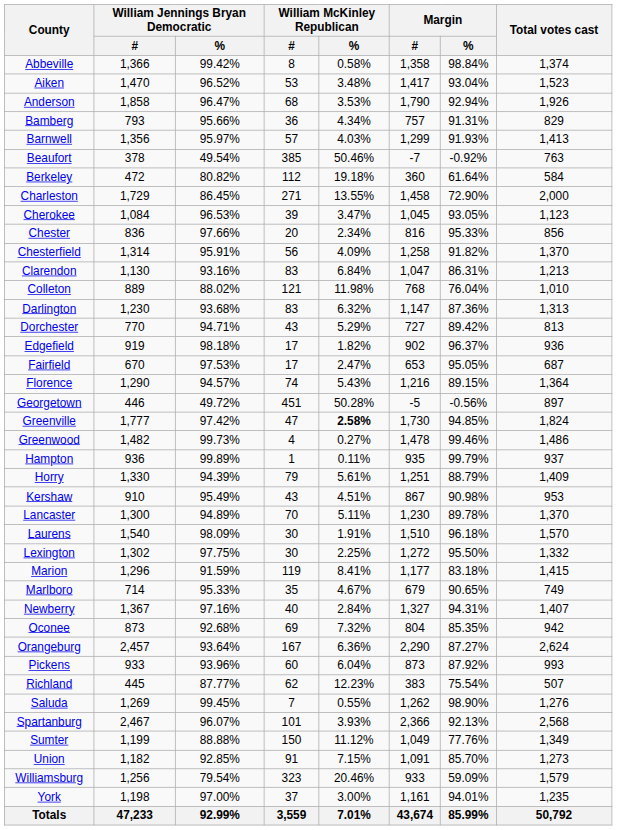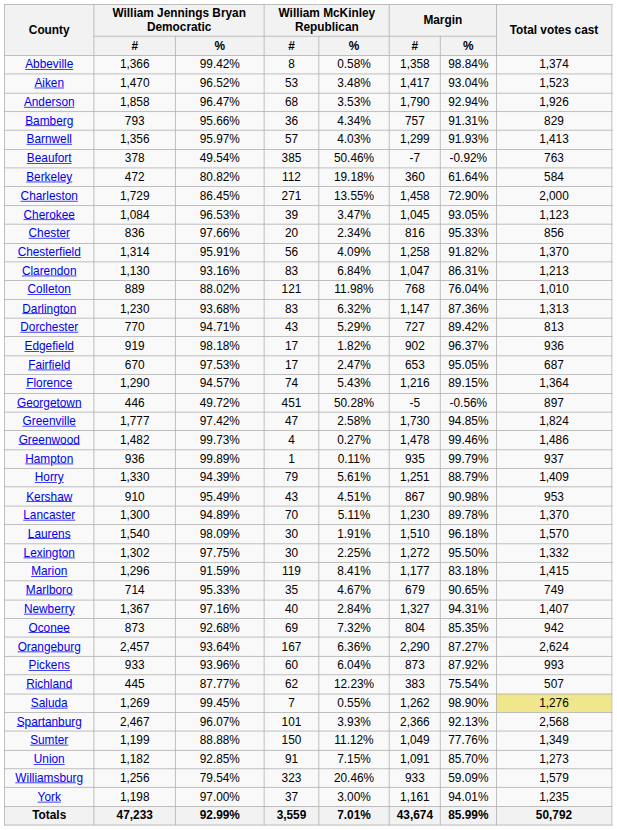 <table width="65%"  class="wikitable sortable" style="text-align:center">
 <tr>
 <th rowspan="2">County</th>
 <th style="text-align:center;" colspan="2">William Jennings Bryan<br>Democratic</th>
 <th style="text-align:center;" colspan="2">William McKinley<br>Republican</th>
 <th style="text-align:center;" colspan="2">Margin</th>
 <th style="text-align:center;" rowspan="2">Total votes cast</th>
 </tr>
 <tr>
 <th style="text-align:center;" data-sort-type="number">#</th>
 <th style="text-align:center;" data-sort-type="number">%</th>
 <th style="text-align:center;" data-sort-type="number">#</th>
 <th style="text-align:center;" data-sort-type="number">%</th>
 <th style="text-align:center;" data-sort-type="number">#</th>
 <th style="text-align:center;" data-sort-type="number">%</th>
 </tr>
 <tr style="text-align:center;">
 <td><a href='#'>Abbeville</a></td>
 <td>1,366</td>
 <td>99.42%</td>
 <td>8</td>
 <td>0.58%</td>
 <td>1,358</td>
 <td>98.84%</td>
 <td>1,374</td>
 </tr>
 <tr style="text-align:center;">
 <td><a href='#'>Aiken</a></td>
 <td>1,470</td>
 <td>96.52%</td>
 <td>53</td>
 <td>3.48%</td>
 <td>1,417</td>
 <td>93.04%</td>
 <td>1,523</td>
 </tr>
 <tr style="text-align:center;">
 <td><a href='#'>Anderson</a></td>
 <td>1,858</td>
 <td>96.47%</td>
 <td>68</td>
 <td>3.53%</td>
 <td>1,790</td>
 <td>92.94%</td>
 <td>1,926</td>
 </tr>
 <tr style="text-align:center;">
 <td><a href='#'>Bamberg</a></td>
 <td>793</td>
 <td>95.66%</td>
 <td>36</td>
 <td>4.34%</td>
 <td>757</td>
 <td>91.31%</td>
 <td>829</td>
 </tr>
 <tr style="text-align:center;">
 <td><a href='#'>Barnwell</a></td>
 <td>1,356</td>
 <td>95.97%</td>
 <td>57</td>
 <td>4.03%</td>
 <td>1,299</td>
 <td>91.93%</td>
 <td>1,413</td>
 </tr>
 <tr style="text-align:center;">
 <td><a href='#'>Beaufort</a></td>
 <td>378</td>
 <td>49.54%</td>
 <td>385</td>
 <td>50.46%</td>
 <td>-7</td>
 <td>-0.92%</td>
 <td>763</td>
 </tr>
 <tr style="text-align:center;">
 <td><a href='#'>Berkeley</a></td>
 <td>472</td>
 <td>80.82%</td>
 <td>112</td>
 <td>19.18%</td>
 <td>360</td>
 <td>61.64%</td>
 <td>584</td>
 </tr>
 <tr style="text-align:center;">
 <td><a href='#'>Charleston</a></td>
 <td>1,729</td>
 <td>86.45%</td>
 <td>271</td>
 <td>13.55%</td>
 <td>1,458</td>
 <td>72.90%</td>
 <td>2,000</td>
 </tr>
 <tr style="text-align:center;">
 <td><a href='#'>Cherokee</a></td>
 <td>1,084</td>
 <td>96.53%</td>
 <td>39</td>
 <td>3.47%</td>
 <td>1,045</td>
 <td>93.05%</td>
 <td>1,123</td>
 </tr>
 <tr style="text-align:center;">
 <td><a href='#'>Chester</a></td>
 <td>836</td>
 <td>97.66%</td>
 <td>20</td>
 <td>2.34%</td>
 <td>816</td>
 <td>95.33%</td>
 <td>856</td>
 </tr>
 <tr style="text-align:center;">
 <td><a href='#'>Chesterfield</a></td>
 <td>1,314</td>
 <td>95.91%</td>
 <td>56</td>
 <td>4.09%</td>
 <td>1,258</td>
 <td>91.82%</td>
 <td>1,370</td>
 </tr>
 <tr style="text-align:center;">
 <td><a href='#'>Clarendon</a></td>
 <td>1,130</td>
 <td>93.16%</td>
 <td>83</td>
 <td>6.84%</td>
 <td>1,047</td>
 <td>86.31%</td>
 <td>1,213</td>
 </tr>
 <tr style="text-align:center;">
 <td><a href='#'>Colleton</a></td>
 <td>889</td>
 <td>88.02%</td>
 <td>121</td>
 <td>11.98%</td>
 <td>768</td>
 <td>76.04%</td>
 <td>1,010</td>
 </tr>
 <tr style="text-align:center;">
 <td><a href='#'>Darlington</a></td>
 <td>1,230</td>
 <td>93.68%</td>
 <td>83</td>
 <td>6.32%</td>
 <td>1,147</td>
 <td>87.36%</td>
 <td>1,313</td>
 </tr>
 <tr style="text-align:center;">
 <td><a href='#'>Dorchester</a></td>
 <td>770</td>
 <td>94.71%</td>
 <td>43</td>
 <td>5.29%</td>
 <td>727</td>
 <td>89.42%</td>
 <td>813</td>
 </tr>
 <tr style="text-align:center;">
 <td><a href='#'>Edgefield</a></td>
 <td>919</td>
 <td>98.18%</td>
 <td>17</td>
 <td>1.82%</td>
 <td>902</td>
 <td>96.37%</td>
 <td>936</td>
 </tr>
 <tr style="text-align:center;">
 <td><a href='#'>Fairfield</a></td>
 <td>670</td>
 <td>97.53%</td>
 <td>17</td>
 <td>2.47%</td>
 <td>653</td>
 <td>95.05%</td>
 <td>687</td>
 </tr>
 <tr style="text-align:center;">
 <td><a href='#'>Florence</a></td>
 <td>1,290</td>
 <td>94.57%</td>
 <td>74</td>
 <td>5.43%</td>
 <td>1,216</td>
 <td>89.15%</td>
 <td>1,364</td>
 </tr>
 <tr style="text-align:center;">
 <td><a href='#'>Georgetown</a></td>
 <td>446</td>
 <td>49.72%</td>
 <td>451</td>
 <td>50.28%</td>
 <td>-5</td>
 <td>-0.56%</td>
 <td>897</td>
 </tr>
 <tr style="text-align:center;">
 <td><a href='#'>Greenville</a></td>
 <td>1,777</td>
 <td>97.42%</td>
 <td>47</td>
-<td><strong>2.58%</strong></td>
+<td>2.58%</td>
 <td>1,730</td>
 <td>94.85%</td>
 <td>1,824</td>
 </tr>
 <tr style="text-align:center;">
 <td><a href='#'>Greenwood</a></td>
 <td>1,482</td>
 <td>99.73%</td>
 <td>4</td>
 <td>0.27%</td>
 <td>1,478</td>
 <td>99.46%</td>
 <td>1,486</td>
 </tr>
 <tr style="text-align:center;">
 <td><a href='#'>Hampton</a></td>
 <td>936</td>
 <td>99.89%</td>
 <td>1</td>
 <td>0.11%</td>
 <td>935</td>
 <td>99.79%</td>
 <td>937</td>
 </tr>
 <tr style="text-align:center;">
 <td><a href='#'>Horry</a></td>
 <td>1,330</td>
 <td>94.39%</td>
 <td>79</td>
 <td>5.61%</td>
 <td>1,251</td>
 <td>88.79%</td>
 <td>1,409</td>
 </tr>
 <tr style="text-align:center;">
 <td><a href='#'>Kershaw</a></td>
 <td>910</td>
 <td>95.49%</td>
 <td>43</td>
 <td>4.51%</td>
 <td>867</td>
 <td>90.98%</td>
 <td>953</td>
 </tr>
 <tr style="text-align:center;">
 <td><a href='#'>Lancaster</a></td>
 <td>1,300</td>
 <td>94.89%</td>
 <td>70</td>
 <td>5.11%</td>
 <td>1,230</td>
 <td>89.78%</td>
 <td>1,370</td>
 </tr>
 <tr style="text-align:center;">
 <td><a href='#'>Laurens</a></td>
 <td>1,540</td>
 <td>98.09%</td>
 <td>30</td>
 <td>1.91%</td>
 <td>1,510</td>
 <td>96.18%</td>
 <td>1,570</td>
 </tr>
 <tr style="text-align:center;">
 <td><a href='#'>Lexington</a></td>
 <td>1,302</td>
 <td>97.75%</td>
 <td>30</td>
 <td>2.25%</td>
 <td>1,272</td>
 <td>95.50%</td>
 <td>1,332</td>
 </tr>
 <tr style="text-align:center;">
 <td><a href='#'>Marion</a></td>
 <td>1,296</td>
 <td>91.59%</td>
 <td>119</td>
 <td>8.41%</td>
 <td>1,177</td>
 <td>83.18%</td>
 <td>1,415</td>
 </tr>
 <tr style="text-align:center;">
 <td><a href='#'>Marlboro</a></td>
 <td>714</td>
 <td>95.33%</td>
 <td>35</td>
 <td>4.67%</td>
 <td>679</td>
 <td>90.65%</td>
 <td>749</td>
 </tr>
 <tr style="text-align:center;">
 <td><a href='#'>Newberry</a></td>
 <td>1,367</td>
 <td>97.16%</td>
 <td>40</td>
 <td>2.84%</td>
 <td>1,327</td>
 <td>94.31%</td>
 <td>1,407</td>
 </tr>
 <tr style="text-align:center;">
 <td><a href='#'>Oconee</a></td>
 <td>873</td>
 <td>92.68%</td>
 <td>69</td>
 <td>7.32%</td>
 <td>804</td>
 <td>85.35%</td>
 <td>942</td>
 </tr>
 <tr style="text-align:center;">
 <td><a href='#'>Orangeburg</a></td>
 <td>2,457</td>
 <td>93.64%</td>
 <td>167</td>
 <td>6.36%</td>
 <td>2,290</td>
 <td>87.27%</td>
 <td>2,624</td>
 </tr>
 <tr style="text-align:center;">
 <td><a href='#'>Pickens</a></td>
 <td>933</td>
 <td>93.96%</td>
 <td>60</td>
 <td>6.04%</td>
 <td>873</td>
 <td>87.92%</td>
 <td>993</td>
 </tr>
 <tr style="text-align:center;">
 <td><a href='#'>Richland</a></td>
 <td>445</td>
 <td>87.77%</td>
 <td>62</td>
 <td>12.23%</td>
 <td>383</td>
 <td>75.54%</td>
 <td>507</td>
 </tr>
 <tr style="text-align:center;">
 <td><a href='#'>Saluda</a></td>
 <td>1,269</td>
 <td>99.45%</td>
 <td>7</td>
 <td>0.55%</td>
 <td>1,262</td>
 <td>98.90%</td>
-<td>1,276</td>
+<td style="background: khaki;">1,276</td>
 </tr>
 <tr style="text-align:center;">
 <td><a href='#'>Spartanburg</a></td>
 <td>2,467</td>
 <td>96.07%</td>
 <td>101</td>
 <td>3.93%</td>
 <td>2,366</td>
 <td>92.13%</td>
 <td>2,568</td>
 </tr>
 <tr style="text-align:center;">
 <td><a href='#'>Sumter</a></td>
 <td>1,199</td>
 <td>88.88%</td>
 <td>150</td>
 <td>11.12%</td>
 <td>1,049</td>
 <td>77.76%</td>
 <td>1,349</td>
 </tr>
 <tr style="text-align:center;">
 <td><a href='#'>Union</a></td>
 <td>1,182</td>
 <td>92.85%</td>
 <td>91</td>
 <td>7.15%</td>
 <td>1,091</td>
 <td>85.70%</td>
 <td>1,273</td>
 </tr>
 <tr style="text-align:center;">
 <td><a href='#'>Williamsburg</a></td>
 <td>1,256</td>
 <td>79.54%</td>
 <td>323</td>
 <td>20.46%</td>
 <td>933</td>
 <td>59.09%</td>
 <td>1,579</td>
 </tr>
 <tr style="text-align:center;">
 <td><a href='#'>York</a></td>
 <td>1,198</td>
 <td>97.00%</td>
 <td>37</td>
 <td>3.00%</td>
 <td>1,161</td>
 <td>94.01%</td>
 <td>1,235</td>
 </tr>
 <tr style="text-align:center;">
 <th>Totals</th>
 <th>47,233</th>
 <th>92.99%</th>
 <th>3,559</th>
 <th>7.01%</th>
 <th>43,674</th>
 <th>85.99%</th>
 <th>50,792</th>
 </tr>
 </table>
